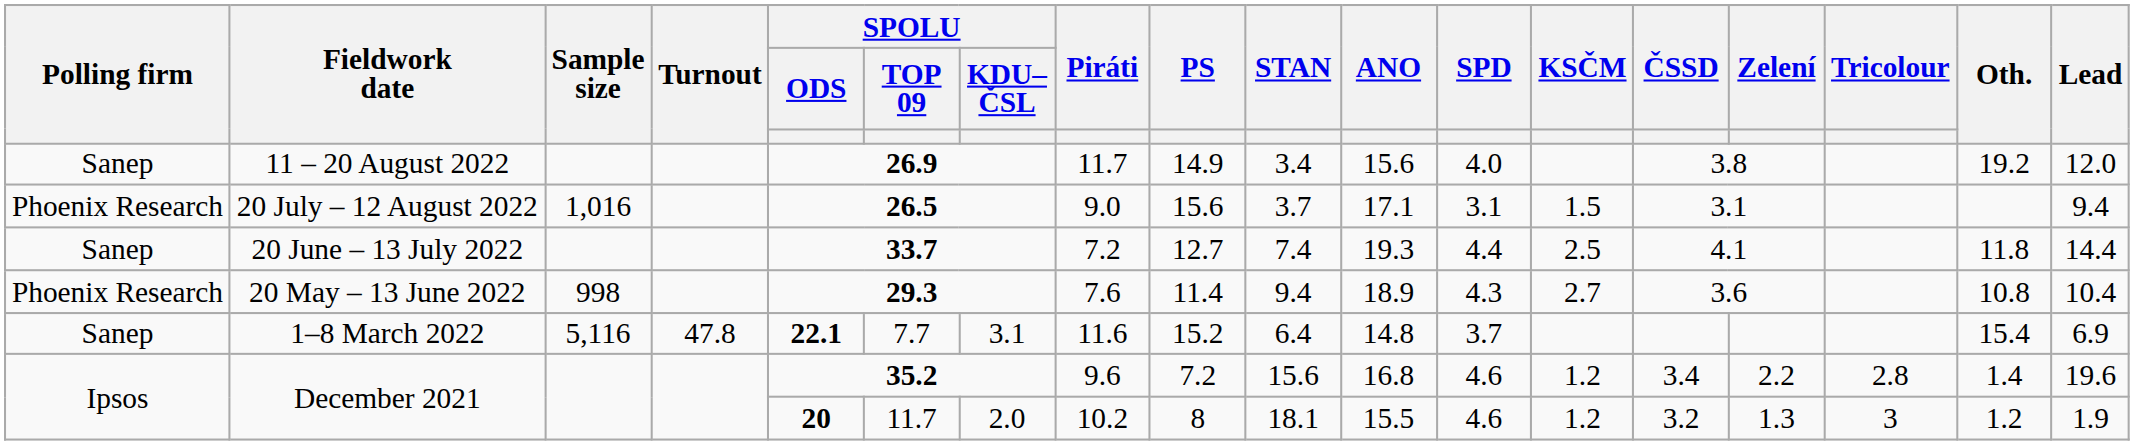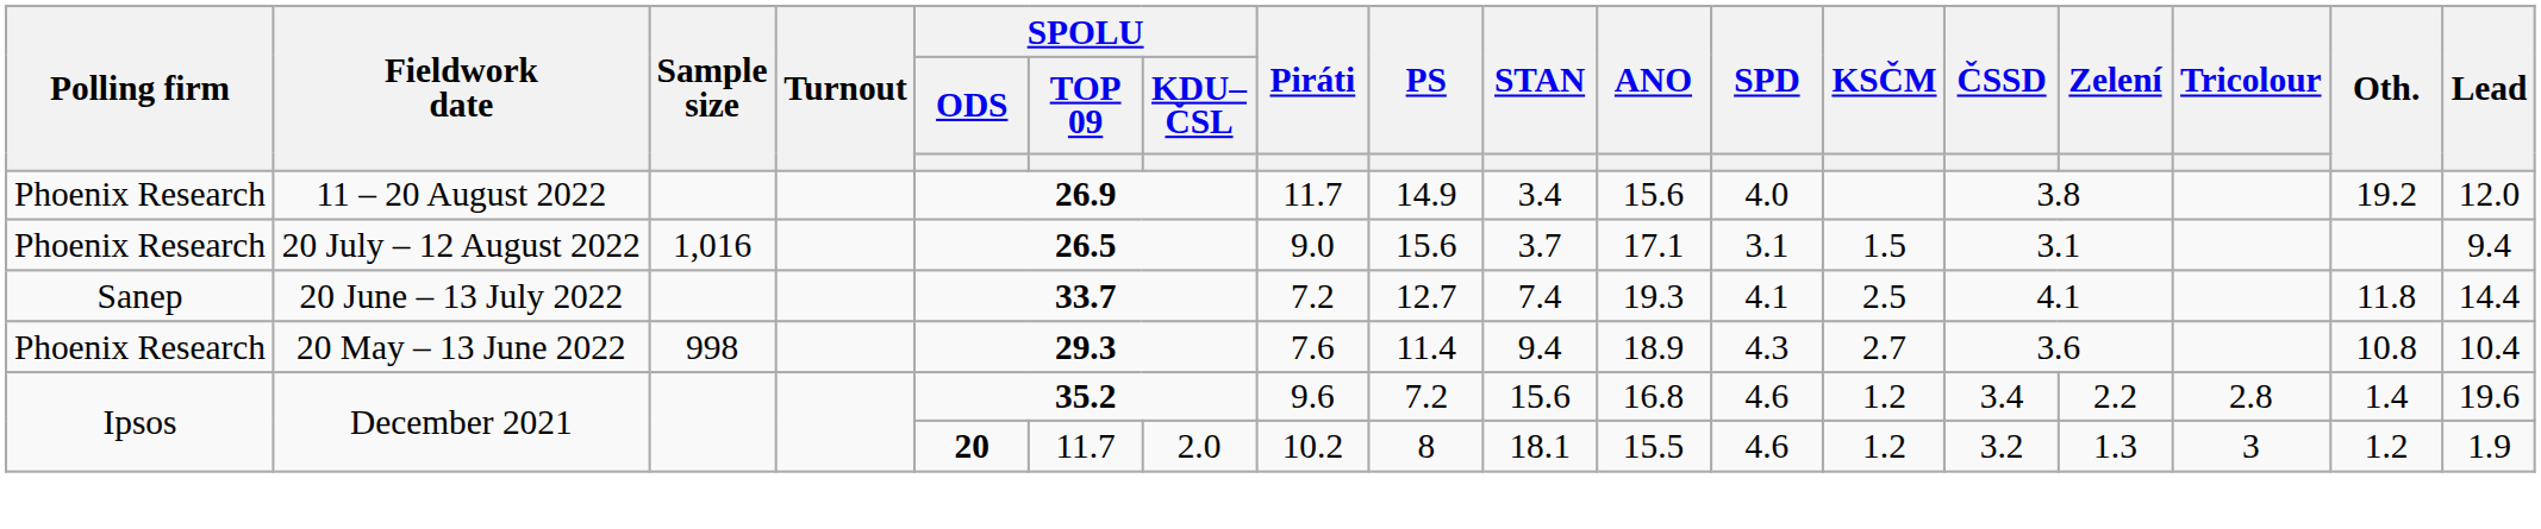 <table class="wikitable mw-collapsible sortable" style="text-align:center;font-size:90%;line-height:14px;">
 <tr>
 <th rowspan="3">Polling firm</th>
 <th rowspan="3">Fieldwork<br>date</th>
 <th rowspan="3">Sample<br>size</th>
 <th rowspan="3">Turnout</th>
 <th colspan="3" class="unsortable" style="width:40px;"><a href='#'>SPOLU</a></th>
 <th rowspan="2" class="unsortable" style="width:40px;"><a href='#'>Piráti</a></th>
 <th rowspan="2" class="unsortable" style="width:40px;"><a href='#'>PS</a></th>
 <th rowspan="2" class="unsortable" style="width:40px;"><a href='#'>STAN</a></th>
 <th rowspan="2" class="unsortable" style="width:40px;"><a href='#'>ANO</a></th>
 <th rowspan="2" class="unsortable" style="width:40px;"><a href='#'>SPD</a></th>
 <th rowspan="2" class="unsortable" style="width:40px;"><a href='#'>KSČM</a></th>
 <th rowspan="2" class="unsortable" style="width:40px;"><a href='#'>ČSSD</a></th>
 <th rowspan="2" class="unsortable" style="width:40px;"><a href='#'>Zelení</a></th>
 <th rowspan="2" class="unsortable" style="width:40px;"><a href='#'>Tricolour</a></th>
 <th rowspan="3" style="width:40px;">Oth.</th>
 <th rowspan="3" style="width:25px;">Lead</th>
 </tr>
 <tr style="height:40px;">
 <th class="unsortable" style="width:40px;"><a href='#'>ODS</a></th>
 <th class="unsortable" style="width:40px;"><a href='#'>TOP 09</a></th>
 <th class="unsortable" style="width:40px;"><a href='#'>KDU–<br>ČSL</a></th>
 </tr>
 <tr>
 <th class="unsortable" style="color:inherit;background:"></th>
 <th class="unsortable" style="color:inherit;background:"></th>
 <th class="unsortable" style="color:inherit;background:"></th>
 <th class="unsortable" style="color:inherit;background:"></th>
 <th class="unsortable" style="color:inherit;background:"></th>
 <th class="unsortable" style="color:inherit;background:"></th>
 <th class="unsortable" style="color:inherit;background:"></th>
 <th class="unsortable" style="color:inherit;background:"></th>
 <th class="unsortable" style="color:inherit;background:"></th>
 <th class="unsortable" style="color:inherit;background:"></th>
 <th class="unsortable" style="color:inherit;background:"></th>
 <th class="unsortable" style="color:inherit;background:"></th>
 </tr>
 <tr>
-<td>Sanep</td>
+<td>Phoenix Research</td>
 <td>11 – 20 August 2022</td>
 <td></td>
 <td></td>
 <td colspan="3" ><strong>26.9</strong></td>
 <td>11.7</td>
 <td>14.9</td>
 <td>3.4</td>
 <td>15.6</td>
 <td>4.0</td>
 <td></td>
 <td colspan="2">3.8</td>
 <td></td>
 <td>19.2</td>
 <td style="background:">12.0</td>
 </tr>
 <tr>
 <td>Phoenix Research</td>
 <td>20 July – 12 August 2022</td>
 <td>1,016</td>
 <td></td>
 <td colspan="3" ><strong>26.5</strong></td>
 <td>9.0</td>
 <td>15.6</td>
 <td>3.7</td>
 <td>17.1</td>
 <td>3.1</td>
 <td>1.5</td>
 <td colspan="2">3.1</td>
 <td></td>
 <td></td>
 <td style="background:">9.4</td>
 </tr>
 <tr>
 <td>Sanep</td>
 <td>20 June – 13 July 2022</td>
 <td></td>
 <td></td>
 <td colspan="3" ><strong>33.7</strong></td>
 <td>7.2</td>
 <td>12.7</td>
 <td>7.4</td>
 <td>19.3</td>
-<td>4.4</td>
+<td>4.1</td>
 <td>2.5</td>
 <td colspan="2">4.1</td>
 <td></td>
 <td>11.8</td>
 <td style="background:">14.4</td>
 </tr>
 <tr>
 <td>Phoenix Research</td>
 <td>20 May – 13 June 2022</td>
 <td>998</td>
 <td></td>
 <td colspan="3" ><strong>29.3</strong></td>
 <td>7.6</td>
 <td>11.4</td>
 <td>9.4</td>
 <td>18.9</td>
 <td>4.3</td>
 <td>2.7</td>
 <td colspan="2">3.6</td>
 <td></td>
 <td>10.8</td>
 <td style="background:">10.4</td>
-</tr>
-<tr>
-<td>Sanep</td>
-<td>1–8 March 2022</td>
-<td>5,116</td>
-<td>47.8</td>
-<td><strong>22.1</strong></td>
-<td>7.7</td>
-<td>3.1</td>
-<td>11.6</td>
-<td>15.2</td>
-<td>6.4</td>
-<td>14.8</td>
-<td>3.7</td>
-<td></td>
-<td></td>
-<td></td>
-<td></td>
-<td>15.4</td>
-<td style="background:">6.9</td>
 </tr>
 <tr>
 <td rowspan="2">Ipsos</td>
 <td rowspan="2">December 2021</td>
 <td rowspan="2"></td>
 <td rowspan="2"></td>
 <td colspan="3" ><strong>35.2</strong></td>
 <td>9.6</td>
 <td>7.2</td>
 <td>15.6</td>
 <td>16.8</td>
 <td>4.6</td>
 <td>1.2</td>
 <td>3.4</td>
 <td>2.2</td>
 <td>2.8</td>
 <td>1.4</td>
 <td style="background:">19.6</td>
 </tr>
 <tr>
 <td><strong>20</strong></td>
 <td>11.7</td>
 <td>2.0</td>
 <td>10.2</td>
 <td>8</td>
 <td>18.1</td>
 <td>15.5</td>
 <td>4.6</td>
 <td>1.2</td>
 <td>3.2</td>
 <td>1.3</td>
 <td>3</td>
 <td>1.2</td>
 <td style="background:">1.9</td>
 </tr>
 </table>
